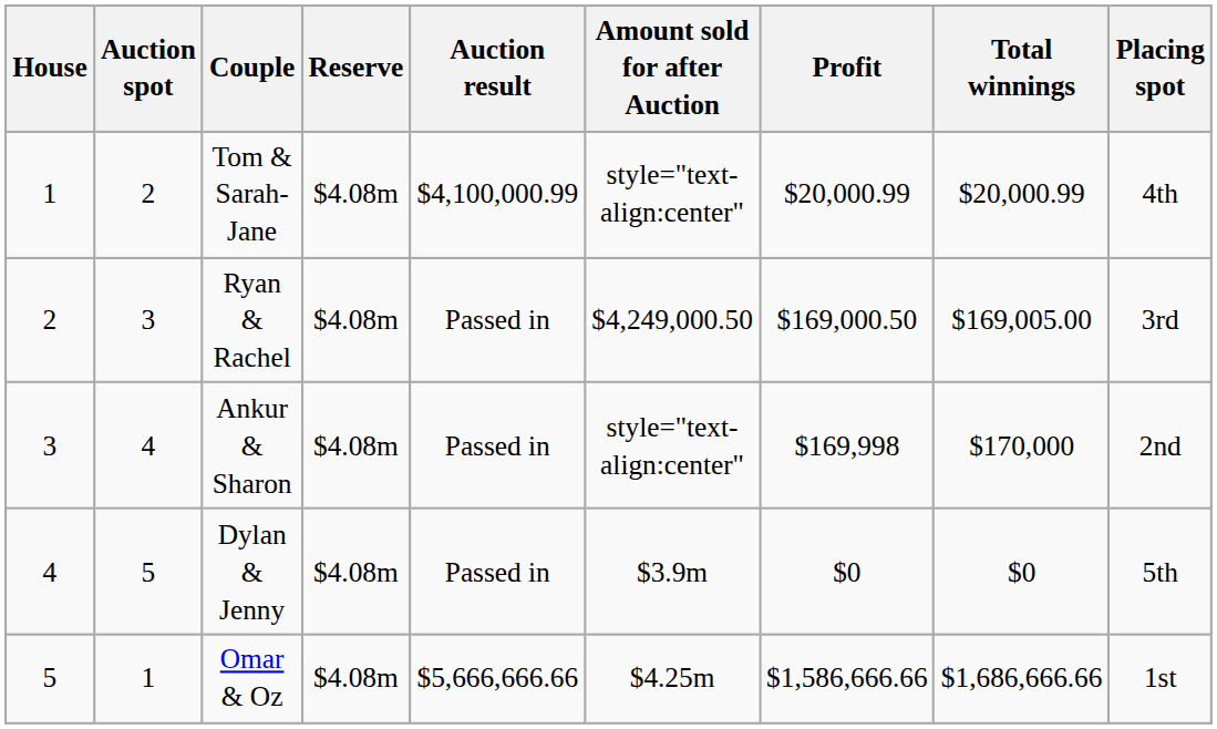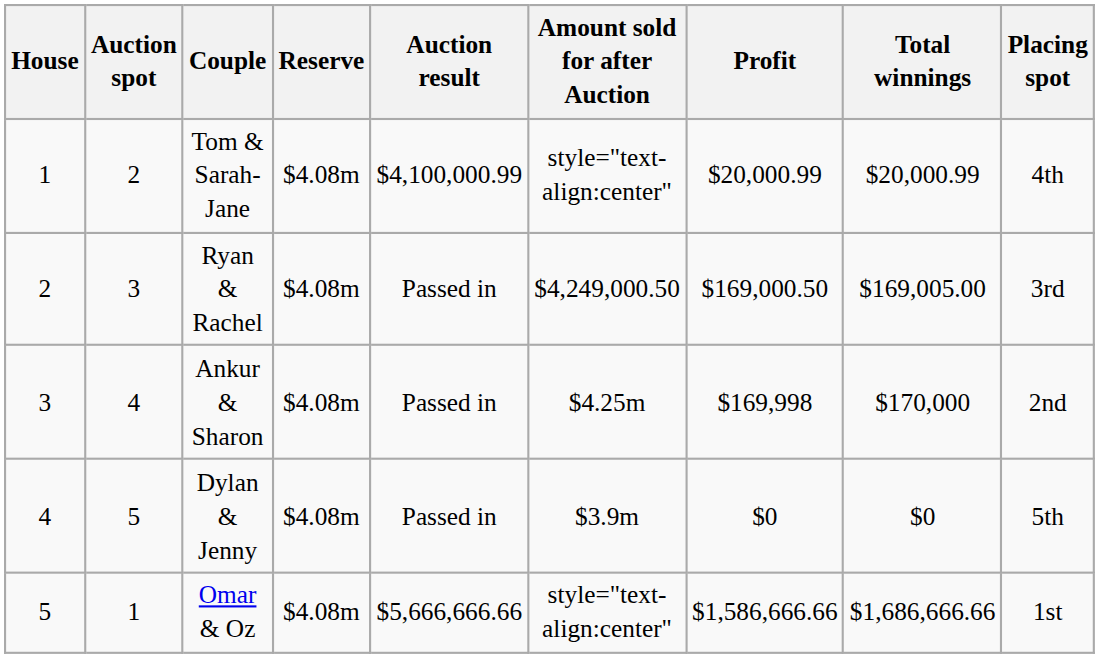 <table class="wikitable" style="text-align: center; font-size: 9pt; line-height:16px; width:70%" |>
 <tr>
 <th>House</th>
 <th>Auction spot</th>
 <th>Couple</th>
 <th>Reserve</th>
 <th>Auction result</th>
 <th>Amount sold for after Auction</th>
 <th>Profit</th>
 <th>Total winnings</th>
 <th>Placing spot</th>
 </tr>
 <tr>
 <td>1</td>
 <td style="text-align:center">2</td>
 <td style="width:5%;" scope="col" style="background:#00BFFF; color:black;">Tom & Sarah-Jane</td>
 <td style="text-align:center">$4.08m</td>
 <td style="text-align:center">$4,100,000.99</td>
 <td>style="text-align:center" </td>
 <td style="text-align:center">$20,000.99</td>
 <td style="text-align:center">$20,000.99</td>
 <td style="text-align:center">4th</td>
 </tr>
 <tr>
 <td>2</td>
 <td style="text-align:center">3</td>
 <td style="width:5%;" scope="col" style="background:#A4C639; color:black;">Ryan & Rachel</td>
 <td style="text-align:center">$4.08m</td>
 <td style="text-align:center">Passed in</td>
 <td style="text-align:center">$4,249,000.50</td>
 <td style="text-align:center">$169,000.50</td>
 <td style="text-align:center">$169,005.00</td>
 <td style="text-align:center">3rd</td>
 </tr>
 <tr>
 <td>3</td>
 <td style="text-align:center">4</td>
 <td style="width:5%;" scope="col" style="background:#B87BF6; color:black;">Ankur & Sharon</td>
 <td style="text-align:center">$4.08m</td>
 <td style="text-align:center">Passed in</td>
-<td>style="text-align:center"  </td>
+<td style="text-align:center">$4.25m</td>
 <td style="text-align:center">$169,998</td>
 <td style="text-align:center">$170,000</td>
 <td style="text-align:center">2nd</td>
 </tr>
 <tr>
 <td>4</td>
 <td style="text-align:center">5</td>
 <td style="width:5%;" scope="col" style="background:yellow; color:black;">Dylan & Jenny</td>
 <td style="text-align:center">$4.08m</td>
 <td style="text-align:center">Passed in</td>
 <td style="text-align:center">$3.9m</td>
 <td style="text-align:center">$0</td>
 <td style="text-align:center">$0</td>
 <td style="text-align:center">5th</td>
 </tr>
 <tr>
 <td>5</td>
 <td style="text-align:center">1</td>
 <td style="width:5%;" scope="col" style="background:#FF0800; color:black;"><a href='#'>Omar</a> & Oz</td>
 <td style="text-align:center">$4.08m</td>
 <td style="text-align:center">$5,666,666.66</td>
-<td style="text-align:center">$4.25m</td>
+<td>style="text-align:center"  </td>
 <td style="text-align:center">$1,586,666.66</td>
 <td style="text-align:center">$1,686,666.66</td>
 <td style="text-align:center">1st</td>
 </tr>
 </table>
